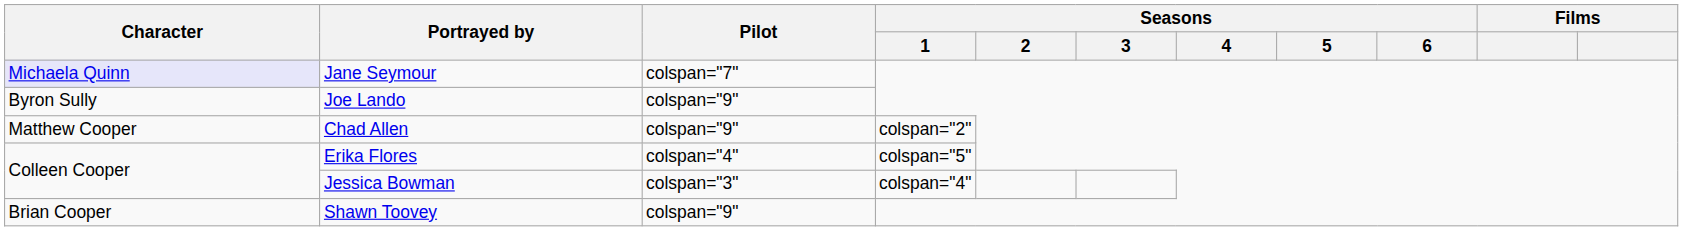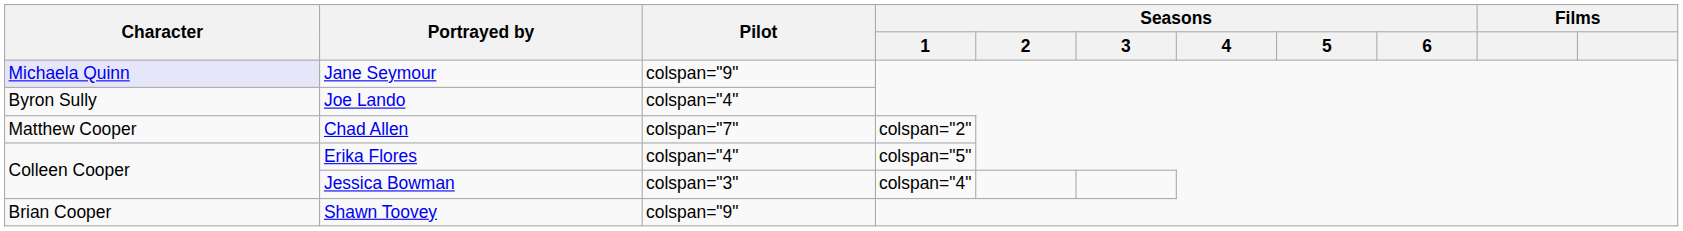 <table class="wikitable">
 <tr>
 <th rowspan="2">Character</th>
 <th rowspan="2">Portrayed by</th>
 <th rowspan="2">Pilot</th>
 <th colspan="6">Seasons</th>
 <th colspan="5">Films</th>
 </tr>
 <tr>
 <th style="width:6%;">1</th>
 <th style="width:6%;">2</th>
 <th style="width:6%;">3</th>
 <th style="width:6%;">4</th>
 <th style="width:6%;">5</th>
 <th style="width:6%;">6</th>
 <th style="width:6%;"></th>
 <th style="width:6%;"></th>
 </tr>
 <tr>
 <td style="background: lavender;"><a href='#'>Michaela  Quinn</a></td>
 <td><a href='#'>Jane Seymour</a></td>
-<td>colspan="7" </td>
+<td>colspan="9" </td>
 </tr>
 <tr>
 <td>Byron Sully</td>
 <td><a href='#'>Joe Lando</a></td>
-<td>colspan="9" </td>
+<td>colspan="4" </td>
 </tr>
 <tr>
 <td>Matthew Cooper</td>
 <td><a href='#'>Chad Allen</a></td>
-<td>colspan="9" </td>
+<td>colspan="7" </td>
 <td>colspan="2" </td>
 </tr>
 <tr>
 <td rowspan="2">Colleen Cooper</td>
 <td><a href='#'>Erika Flores</a></td>
 <td>colspan="4" </td>
 <td>colspan="5" </td>
 </tr>
 <tr>
 <td><a href='#'>Jessica Bowman</a></td>
 <td>colspan="3" </td>
 <td>colspan="4" </td>
 <td></td>
 <td></td>
 </tr>
 <tr>
 <td>Brian Cooper</td>
 <td><a href='#'>Shawn Toovey</a></td>
 <td>colspan="9" </td>
 </tr>
 </table>
